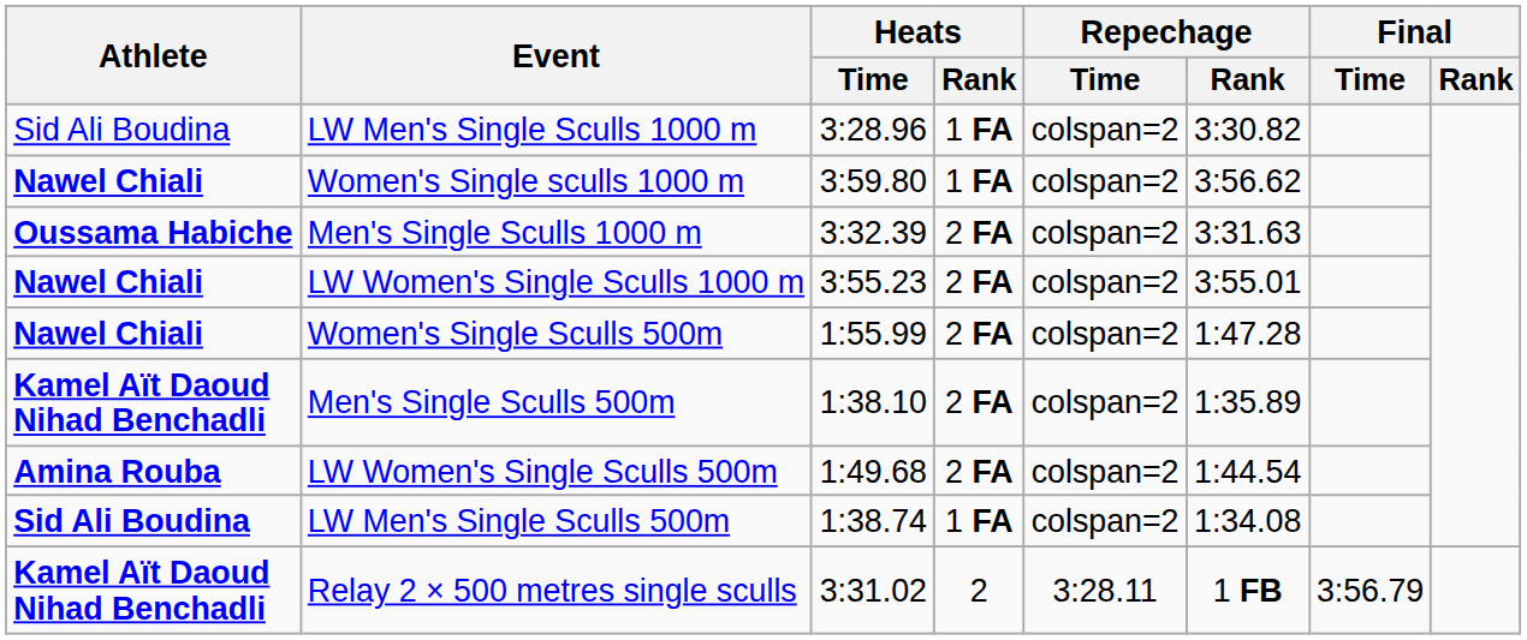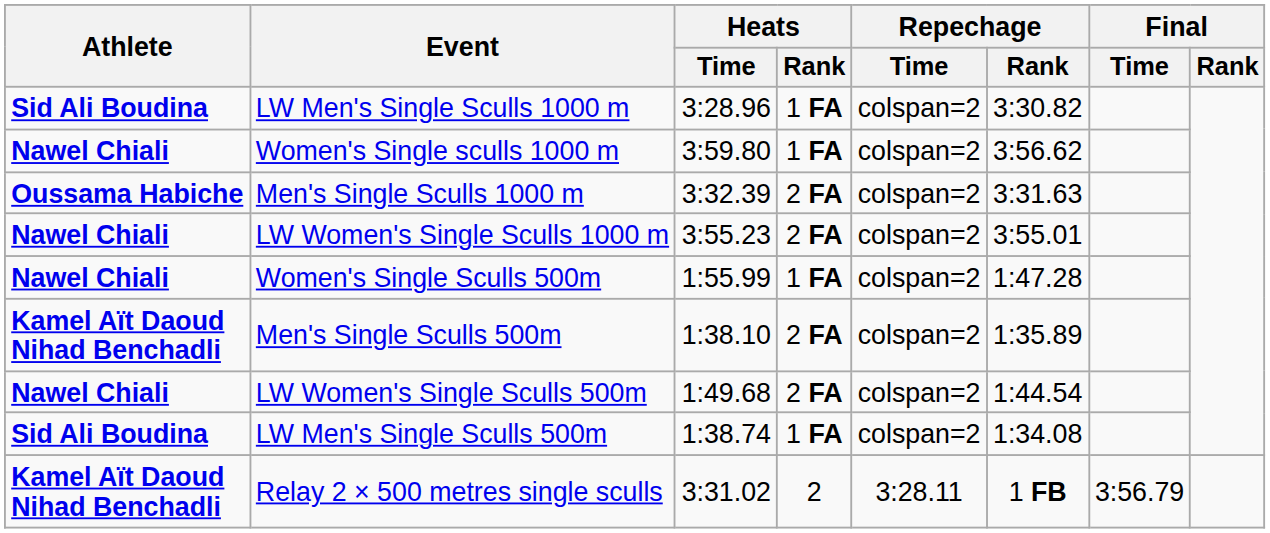 <table class="wikitable" style="font-size:90%">
 <tr>
 <th rowspan="2">Athlete</th>
 <th rowspan="2">Event</th>
 <th colspan="2">Heats</th>
 <th colspan="2">Repechage</th>
 <th colspan="2">Final</th>
 </tr>
 <tr style="font-size:95%">
 <th>Time</th>
 <th>Rank</th>
 <th>Time</th>
 <th>Rank</th>
 <th>Time</th>
 <th>Rank</th>
 </tr>
 <tr align="center">
-<td align="left"><a href='#'>Sid Ali Boudina</a></td>
+<td align="left"><strong><a href='#'>Sid Ali Boudina</a></strong></td>
 <td align="left"><a href='#'>LW Men's Single Sculls 1000 m</a></td>
 <td>3:28.96</td>
 <td>1 <strong>FA</strong></td>
 <td>colspan=2 </td>
 <td>3:30.82</td>
 <td></td>
 </tr>
 <tr align="center">
 <td align="left"><strong><a href='#'>Nawel Chiali</a></strong></td>
 <td align="left"><a href='#'>Women's Single sculls 1000 m</a></td>
 <td>3:59.80</td>
 <td>1 <strong>FA</strong></td>
 <td>colspan=2 </td>
 <td>3:56.62</td>
 <td></td>
 </tr>
 <tr align="center">
 <td align="left"><strong><a href='#'>Oussama Habiche</a></strong></td>
 <td align="left"><a href='#'>Men's Single Sculls 1000 m</a></td>
 <td>3:32.39</td>
 <td>2 <strong>FA</strong></td>
 <td>colspan=2 </td>
 <td>3:31.63</td>
 <td></td>
 </tr>
 <tr align="center">
 <td align="left"><strong><a href='#'>Nawel Chiali</a></strong></td>
 <td align="left"><a href='#'>LW Women's Single Sculls 1000 m</a></td>
 <td>3:55.23</td>
 <td>2 <strong>FA</strong></td>
 <td>colspan=2 </td>
 <td>3:55.01</td>
 <td></td>
 </tr>
 <tr align="center">
 <td align="left"><strong><a href='#'>Nawel Chiali</a></strong></td>
 <td align="left"><a href='#'>Women's Single Sculls 500m</a></td>
 <td>1:55.99</td>
-<td>2 <strong>FA</strong></td>
+<td>1 <strong>FA</strong></td>
 <td>colspan=2 </td>
 <td>1:47.28</td>
 <td></td>
 </tr>
 <tr align="center">
 <td align="left"><strong><a href='#'>Kamel Aït Daoud</a><br><a href='#'>Nihad Benchadli</a></strong></td>
 <td align="left"><a href='#'>Men's Single Sculls 500m</a></td>
 <td>1:38.10</td>
 <td>2 <strong>FA</strong></td>
 <td>colspan=2 </td>
 <td>1:35.89</td>
 <td></td>
 </tr>
 <tr align="center">
-<td align="left"><strong><a href='#'>Amina Rouba</a></strong></td>
+<td align="left"><strong><a href='#'>Nawel Chiali</a></strong></td>
 <td align="left"><a href='#'>LW Women's Single Sculls 500m</a></td>
 <td>1:49.68</td>
 <td>2 <strong>FA</strong></td>
 <td>colspan=2 </td>
 <td>1:44.54</td>
 <td></td>
 </tr>
 <tr align="center">
 <td align="left"><strong><a href='#'>Sid Ali Boudina</a></strong></td>
 <td align="left"><a href='#'>LW Men's Single Sculls 500m</a></td>
 <td>1:38.74</td>
 <td>1 <strong>FA</strong></td>
 <td>colspan=2 </td>
 <td>1:34.08</td>
 <td></td>
 </tr>
 <tr align="center">
 <td align="left"><strong><a href='#'>Kamel Aït Daoud</a><br><a href='#'>Nihad Benchadli</a></strong></td>
 <td align="left"><a href='#'>Relay 2 × 500 metres single sculls</a></td>
 <td>3:31.02</td>
 <td>2</td>
 <td>3:28.11</td>
 <td>1 <strong>FB</strong></td>
 <td>3:56.79</td>
 <td></td>
 </tr>
 </table>
